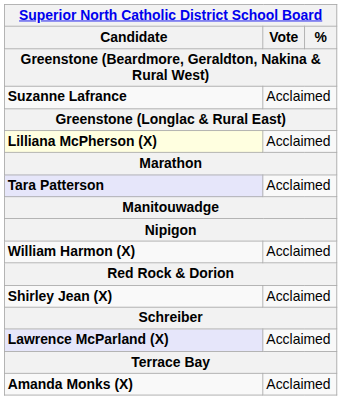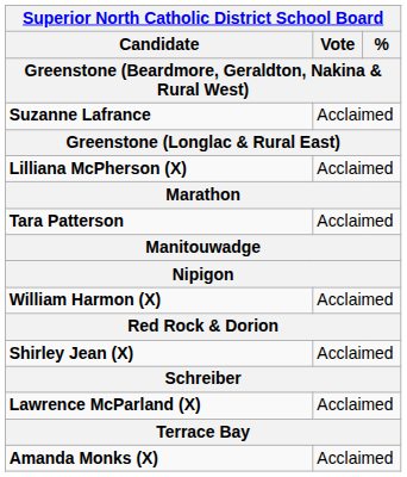 <table class="wikitable">
 <tr>
 <th colspan="3"><strong><a href='#'>Superior North Catholic District School Board</a></strong></th>
 </tr>
 <tr>
 <th bgcolor="#DDDDFF" width="290px">Candidate</th>
 <th bgcolor="#DDDDFF" width="40px">Vote</th>
 <th bgcolor="#DDDDFF" width="30px">%</th>
 </tr>
 <tr>
 <th colspan="3">Greenstone (Beardmore, Geraldton, Nakina & Rural West)</th>
 </tr>
 <tr>
 <td><strong>Suzanne Lafrance</strong></td>
 <td colspan="2">Acclaimed</td>
 </tr>
 <tr>
 <th colspan="3">Greenstone (Longlac & Rural East)</th>
 </tr>
 <tr>
-<td style="background: lightyellow;"><strong>Lilliana McPherson (X)</strong></td>
+<td><strong>Lilliana McPherson (X)</strong></td>
 <td colspan="2">Acclaimed</td>
 </tr>
 <tr>
 <th colspan="3">Marathon</th>
 </tr>
 <tr>
-<td style="background: lavender;"><strong>Tara Patterson</strong></td>
+<td><strong>Tara Patterson</strong></td>
 <td colspan="2">Acclaimed</td>
 </tr>
 <tr>
 <th colspan="3">Manitouwadge</th>
 </tr>
 <tr>
 <th colspan="3">Nipigon</th>
 </tr>
 <tr>
 <td><strong>William Harmon (X)</strong></td>
 <td colspan="2">Acclaimed</td>
 </tr>
 <tr>
 <th colspan="3">Red Rock & Dorion</th>
 </tr>
 <tr>
 <td><strong>Shirley Jean (X)</strong></td>
 <td colspan="2">Acclaimed</td>
 </tr>
 <tr>
 <th colspan="3">Schreiber</th>
 </tr>
 <tr>
-<td style="background: lavender;"><strong>Lawrence McParland (X)</strong></td>
+<td><strong>Lawrence McParland (X)</strong></td>
 <td colspan="2">Acclaimed</td>
 </tr>
 <tr>
 <th colspan="3">Terrace Bay</th>
 </tr>
 <tr>
 <td><strong>Amanda Monks (X)</strong></td>
 <td colspan="2">Acclaimed</td>
 </tr>
 </table>
